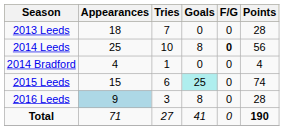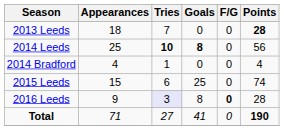 <table class="wikitable" style="text-align:center;">
 <tr bgcolor=#bdb76b>
 <th>Season</th>
 <th>Appearances</th>
 <th>Tries</th>
 <th>Goals</th>
 <th>F/G</th>
 <th>Points</th>
 </tr>
 <tr>
 <td><a href='#'>2013 Leeds</a></td>
 <td>18</td>
 <td>7</td>
 <td>0</td>
 <td>0</td>
-<td>28</td>
+<td><strong>28</strong></td>
 </tr>
 <tr>
 <td><a href='#'>2014 Leeds</a></td>
 <td>25</td>
-<td>10</td>
-<td>8</td>
-<td><strong>0</strong></td>
+<td><strong>10</strong></td>
+<td><strong>8</strong></td>
+<td>0</td>
 <td>56</td>
 </tr>
 <tr>
 <td><a href='#'>2014 Bradford</a></td>
 <td>4</td>
 <td>1</td>
 <td>0</td>
 <td>0</td>
 <td>4</td>
 </tr>
 <tr>
 <td><a href='#'>2015 Leeds</a></td>
 <td>15</td>
 <td>6</td>
-<td style="background: paleturquoise;">25</td>
+<td>25</td>
 <td>0</td>
 <td>74</td>
 </tr>
 <tr>
 <td><a href='#'>2016 Leeds</a></td>
-<td style="background: lightblue;">9</td>
-<td>3</td>
+<td>9</td>
+<td style="background: lavender;">3</td>
 <td>8</td>
-<td>0</td>
+<td><strong>0</strong></td>
 <td>28</td>
 </tr>
 <tr>
 <td><strong>Total</strong></td>
 <td><em>71</em></td>
 <td><em>27</em></td>
 <td><em>41</em></td>
 <td><em>0</em></td>
 <td><strong>190</strong></td>
 </tr>
 <tr>
 </tr>
 </table>
